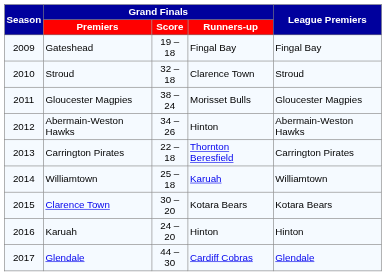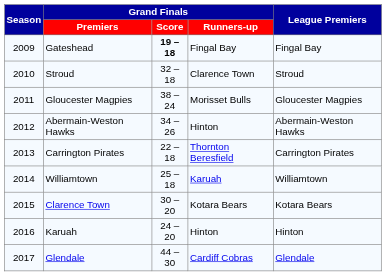 <table border="1" cellpadding="3" cellspacing="0" style="border-collapse:collapse; width:49%;">
 <tr style="background:#00009d;">
 <th rowspan=2 style="color:#FFFFFF;">Season</th>
 <th colspan=3 style="color:#FFFFFF;">Grand Finals</th>
 <th rowspan=2 style="color:#FFFFFF;">League Premiers</th>
 </tr>
 <tr style="background:#FF0000;">
 <th style="color:#FFFFFF;" "width:10%;">Premiers</th>
 <th style="color:#FFFFFF;" "width:6%;">Score</th>
 <th style="color:#FFFFFF;" "width:10%;">Runners-up</th>
 </tr>
 <tr align=center bgcolor=#F5FAFF>
 <td>2009</td>
 <td align=left> Gateshead</td>
-<td>19 – 18</td>
+<td><strong>19 – 18</strong></td>
 <td align=left> Fingal Bay</td>
 <td align=left> Fingal Bay</td>
 </tr>
 <tr align=center bgcolor=#F5FAFF>
 <td>2010</td>
 <td align=left> Stroud</td>
 <td>32 – 18</td>
 <td align=left> Clarence Town</td>
 <td align=left> Stroud</td>
 </tr>
 <tr align=center bgcolor=#F5FAFF>
 <td>2011</td>
 <td align=left> Gloucester Magpies</td>
 <td>38 – 24</td>
 <td align=left> Morisset Bulls</td>
 <td align=left> Gloucester Magpies</td>
 </tr>
 <tr align=center bgcolor=#F5FAFF>
 <td>2012</td>
 <td align=left> Abermain-Weston Hawks</td>
 <td>34 – 26</td>
 <td align=left> Hinton</td>
 <td align=left> Abermain-Weston Hawks</td>
 </tr>
 <tr align=center bgcolor=#F5FAFF>
 <td>2013</td>
 <td align=left> Carrington Pirates</td>
 <td>22 – 18</td>
 <td align=left> <a href='#'>Thornton Beresfield</a></td>
 <td align=left> Carrington Pirates</td>
 </tr>
 <tr align=center bgcolor=#F5FAFF>
 <td>2014</td>
 <td align=left> Williamtown</td>
 <td>25 – 18</td>
 <td align=left> <a href='#'>Karuah</a></td>
 <td align=left> Williamtown</td>
 </tr>
 <tr align=center bgcolor=#F5FAFF>
 <td>2015</td>
 <td align=left> <a href='#'>Clarence Town</a></td>
 <td>30 – 20</td>
 <td align=left> Kotara Bears</td>
 <td align=left> Kotara Bears</td>
 </tr>
 <tr align=center bgcolor=#F5FAFF>
 <td>2016</td>
 <td align=left> Karuah</td>
 <td>24 – 20</td>
 <td align=left> Hinton</td>
 <td align=left> Hinton</td>
 </tr>
 <tr align=center bgcolor=#F5FAFF>
 <td>2017</td>
 <td align=left> <a href='#'>Glendale</a></td>
 <td>44 – 30</td>
 <td align=left> <a href='#'>Cardiff Cobras</a></td>
 <td align=left> <a href='#'>Glendale</a></td>
 </tr>
 </table>
